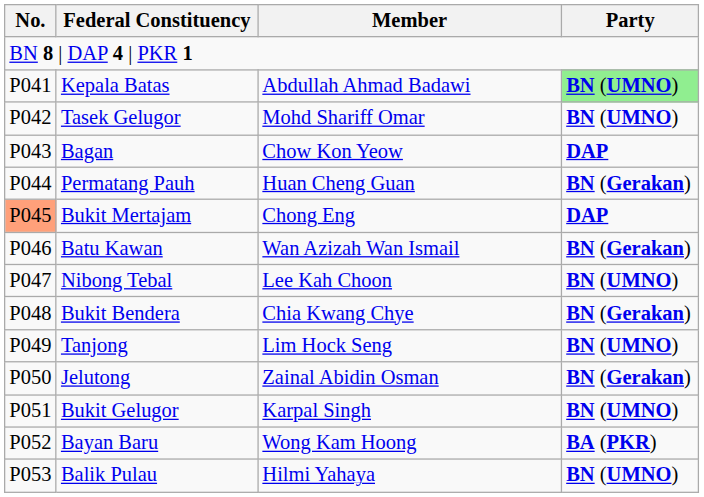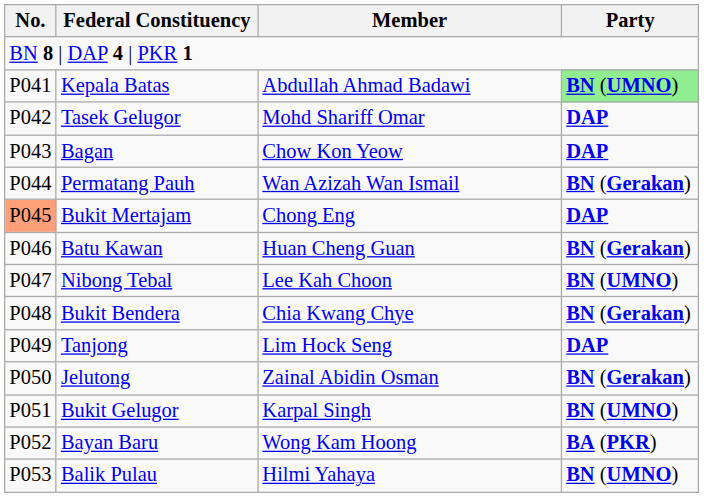 <table class="wikitable sortable">
 <tr>
 <th style="width:30px;">No.</th>
 <th style="width:150px;">Federal Constituency</th>
 <th style="width:230px;">Member</th>
 <th style="width:100px;">Party</th>
 </tr>
 <tr>
 <td colspan="4"><a href='#'>BN</a> <strong>8</strong> | <a href='#'>DAP</a> <strong>4</strong> | <a href='#'>PKR</a> <strong>1</strong></td>
 </tr>
 <tr>
 <td>P041</td>
 <td><a href='#'>Kepala Batas</a></td>
 <td><a href='#'>Abdullah Ahmad Badawi</a></td>
 <td style="background: lightgreen;"><strong><a href='#'>BN</a></strong> (<strong><a href='#'>UMNO</a></strong>)</td>
 </tr>
 <tr>
 <td>P042</td>
 <td><a href='#'>Tasek Gelugor</a></td>
 <td><a href='#'>Mohd Shariff Omar</a></td>
-<td><strong><a href='#'>BN</a></strong> (<strong><a href='#'>UMNO</a></strong>)</td>
+<td><strong><a href='#'>DAP</a></strong></td>
 </tr>
 <tr>
 <td>P043</td>
 <td><a href='#'>Bagan</a></td>
 <td><a href='#'>Chow Kon Yeow</a></td>
 <td><strong><a href='#'>DAP</a></strong></td>
 </tr>
 <tr>
 <td>P044</td>
 <td><a href='#'>Permatang Pauh</a></td>
-<td><a href='#'>Huan Cheng Guan</a></td>
+<td><a href='#'>Wan Azizah Wan Ismail</a></td>
 <td><strong><a href='#'>BN</a></strong> (<strong><a href='#'>Gerakan</a></strong>)</td>
 </tr>
 <tr>
 <td style="background: lightsalmon;">P045</td>
 <td><a href='#'>Bukit Mertajam</a></td>
 <td><a href='#'>Chong Eng</a></td>
 <td><strong><a href='#'>DAP</a></strong></td>
 </tr>
 <tr>
 <td>P046</td>
 <td><a href='#'>Batu Kawan</a></td>
-<td><a href='#'>Wan Azizah Wan Ismail</a></td>
+<td><a href='#'>Huan Cheng Guan</a></td>
 <td><strong><a href='#'>BN</a></strong> (<strong><a href='#'>Gerakan</a></strong>)</td>
 </tr>
 <tr>
 <td>P047</td>
 <td><a href='#'>Nibong Tebal</a></td>
 <td><a href='#'>Lee Kah Choon</a></td>
 <td><strong><a href='#'>BN</a></strong> (<strong><a href='#'>UMNO</a></strong>)</td>
 </tr>
 <tr>
 <td>P048</td>
 <td><a href='#'>Bukit Bendera</a></td>
 <td><a href='#'>Chia Kwang Chye</a></td>
 <td><strong><a href='#'>BN</a></strong> (<strong><a href='#'>Gerakan</a></strong>)</td>
 </tr>
 <tr>
 <td>P049</td>
 <td><a href='#'>Tanjong</a></td>
 <td><a href='#'>Lim Hock Seng</a></td>
-<td><strong><a href='#'>BN</a></strong> (<strong><a href='#'>UMNO</a></strong>)</td>
+<td><strong><a href='#'>DAP</a></strong></td>
 </tr>
 <tr>
 <td>P050</td>
 <td><a href='#'>Jelutong</a></td>
 <td><a href='#'>Zainal Abidin Osman</a></td>
 <td><strong><a href='#'>BN</a></strong> (<strong><a href='#'>Gerakan</a></strong>)</td>
 </tr>
 <tr>
 <td>P051</td>
 <td><a href='#'>Bukit Gelugor</a></td>
 <td><a href='#'>Karpal Singh</a></td>
 <td><strong><a href='#'>BN</a></strong> (<strong><a href='#'>UMNO</a></strong>)</td>
 </tr>
 <tr>
 <td>P052</td>
 <td><a href='#'>Bayan Baru</a></td>
 <td><a href='#'>Wong Kam Hoong</a></td>
 <td><strong><a href='#'>BA</a></strong> (<strong><a href='#'>PKR</a></strong>)</td>
 </tr>
 <tr>
 <td>P053</td>
 <td><a href='#'>Balik Pulau</a></td>
 <td><a href='#'>Hilmi Yahaya</a></td>
 <td><strong><a href='#'>BN</a></strong> (<strong><a href='#'>UMNO</a></strong>)</td>
 </tr>
 </table>
